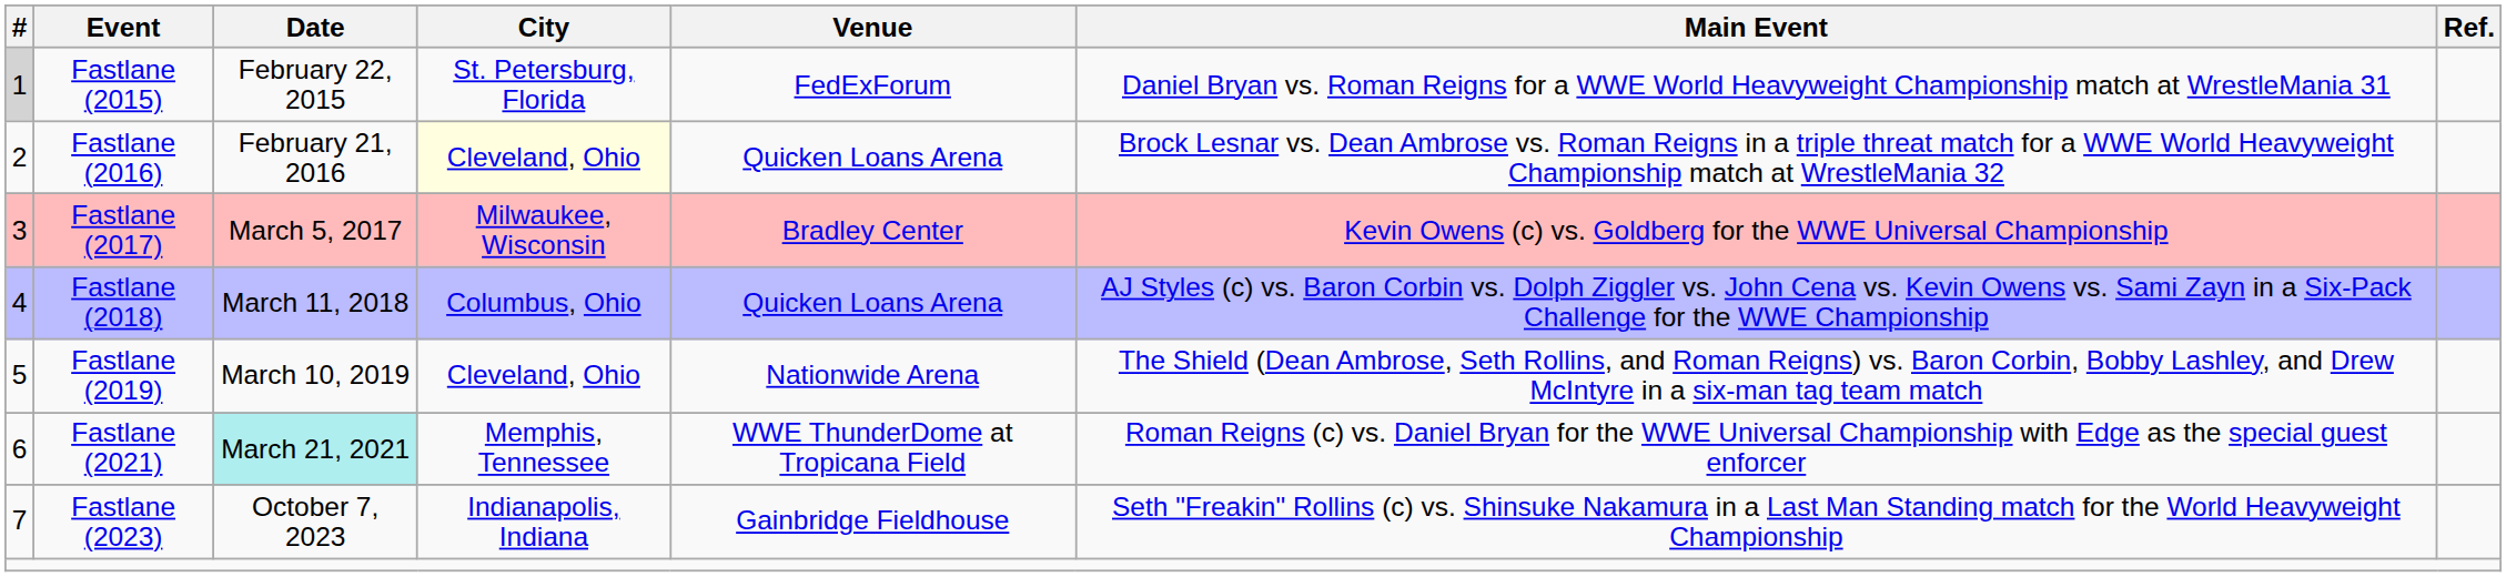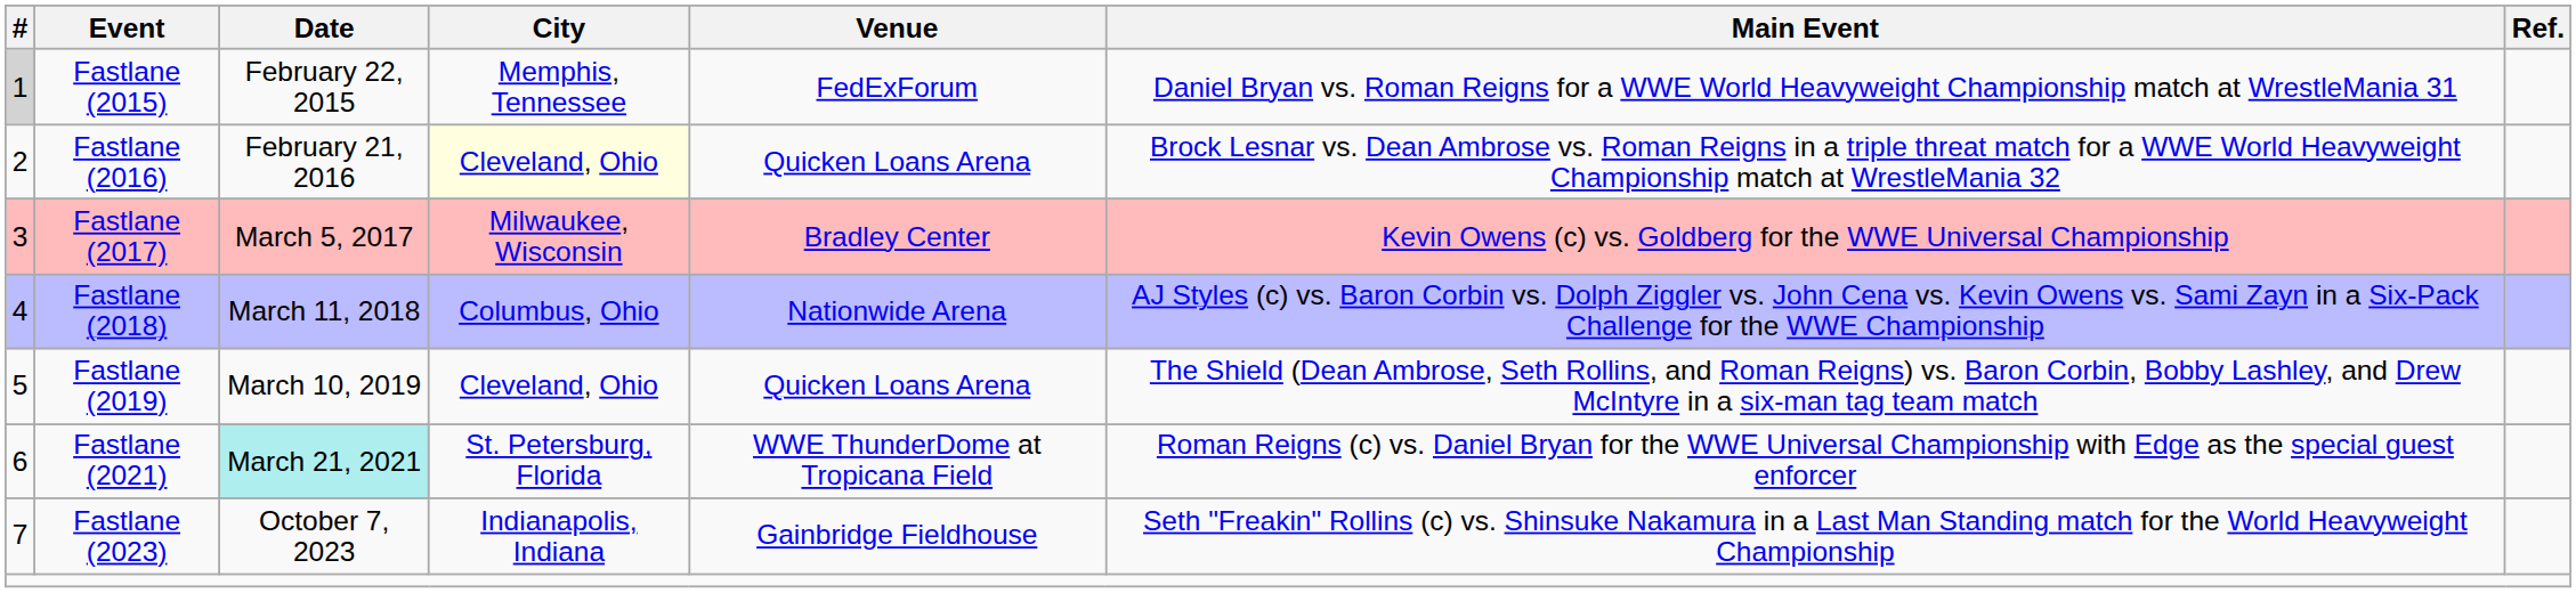 <table class="sortable wikitable succession-box" style="font-size:85%; text-align:center;">
 <tr>
 <th>#</th>
 <th>Event</th>
 <th>Date</th>
 <th>City</th>
 <th>Venue</th>
 <th>Main Event</th>
 <th>Ref.</th>
 </tr>
 <tr>
 <td style="background: lightgrey;">1</td>
 <td><a href='#'>Fastlane (2015)</a></td>
 <td>February 22, 2015</td>
-<td><a href='#'>St. Petersburg, Florida</a></td>
+<td><a href='#'>Memphis</a>, <a href='#'>Tennessee</a></td>
 <td><a href='#'>FedExForum</a></td>
 <td><a href='#'>Daniel Bryan</a> vs. <a href='#'>Roman Reigns</a> for a <a href='#'>WWE World Heavyweight Championship</a> match at <a href='#'>WrestleMania 31</a></td>
 <td></td>
 </tr>
 <tr>
 <td>2</td>
 <td><a href='#'>Fastlane (2016)</a></td>
 <td>February 21, 2016</td>
 <td style="background: lightyellow;"><a href='#'>Cleveland</a>, <a href='#'>Ohio</a></td>
 <td><a href='#'>Quicken Loans Arena</a></td>
 <td><a href='#'>Brock Lesnar</a> vs. <a href='#'>Dean Ambrose</a> vs. <a href='#'>Roman Reigns</a> in a <a href='#'>triple threat match</a> for a <a href='#'>WWE World Heavyweight Championship</a> match at <a href='#'>WrestleMania 32</a></td>
 <td></td>
 </tr>
 <tr style="background:#FBB;">
 <td>3</td>
 <td><a href='#'>Fastlane (2017)</a></td>
 <td>March 5, 2017</td>
 <td><a href='#'>Milwaukee</a>, <a href='#'>Wisconsin</a></td>
 <td><a href='#'>Bradley Center</a></td>
 <td><a href='#'>Kevin Owens</a> (c) vs. <a href='#'>Goldberg</a> for the <a href='#'>WWE Universal Championship</a></td>
 <td></td>
 </tr>
 <tr style="background:#BBF;">
 <td>4</td>
 <td><a href='#'>Fastlane (2018)</a></td>
 <td>March 11, 2018</td>
 <td><a href='#'>Columbus</a>, <a href='#'>Ohio</a></td>
-<td><a href='#'>Quicken Loans Arena</a></td>
+<td><a href='#'>Nationwide Arena</a></td>
 <td><a href='#'>AJ Styles</a> (c) vs. <a href='#'>Baron Corbin</a> vs. <a href='#'>Dolph Ziggler</a> vs. <a href='#'>John Cena</a> vs. <a href='#'>Kevin Owens</a> vs. <a href='#'>Sami Zayn</a> in a <a href='#'>Six-Pack Challenge</a> for the <a href='#'>WWE Championship</a></td>
 <td></td>
 </tr>
 <tr>
 <td>5</td>
 <td><a href='#'>Fastlane (2019)</a></td>
 <td>March 10, 2019</td>
 <td><a href='#'>Cleveland</a>, <a href='#'>Ohio</a></td>
-<td><a href='#'>Nationwide Arena</a></td>
+<td><a href='#'>Quicken Loans Arena</a></td>
 <td><a href='#'>The Shield</a> (<a href='#'>Dean Ambrose</a>, <a href='#'>Seth Rollins</a>, and <a href='#'>Roman Reigns</a>) vs. <a href='#'>Baron Corbin</a>, <a href='#'>Bobby Lashley</a>, and <a href='#'>Drew McIntyre</a> in a <a href='#'>six-man tag team match</a></td>
 <td></td>
 </tr>
 <tr>
 <td>6</td>
 <td><a href='#'>Fastlane (2021)</a></td>
 <td style="background: paleturquoise;">March 21, 2021</td>
-<td><a href='#'>Memphis</a>, <a href='#'>Tennessee</a></td>
+<td><a href='#'>St. Petersburg, Florida</a></td>
 <td><a href='#'>WWE ThunderDome</a> at <a href='#'>Tropicana Field</a></td>
 <td><a href='#'>Roman Reigns</a> (c) vs. <a href='#'>Daniel Bryan</a> for the <a href='#'>WWE Universal Championship</a> with <a href='#'>Edge</a> as the <a href='#'>special guest enforcer</a></td>
 <td></td>
 </tr>
 <tr>
 <td>7</td>
 <td><a href='#'>Fastlane (2023)</a></td>
 <td>October 7, 2023</td>
 <td><a href='#'>Indianapolis, Indiana</a></td>
 <td><a href='#'>Gainbridge Fieldhouse</a></td>
 <td><a href='#'>Seth "Freakin" Rollins</a> (c) vs. <a href='#'>Shinsuke Nakamura</a> in a <a href='#'>Last Man Standing match</a> for the <a href='#'>World Heavyweight Championship</a></td>
 <td></td>
 </tr>
 <tr>
 <td colspan="10"></td>
 </tr>
 </table>
